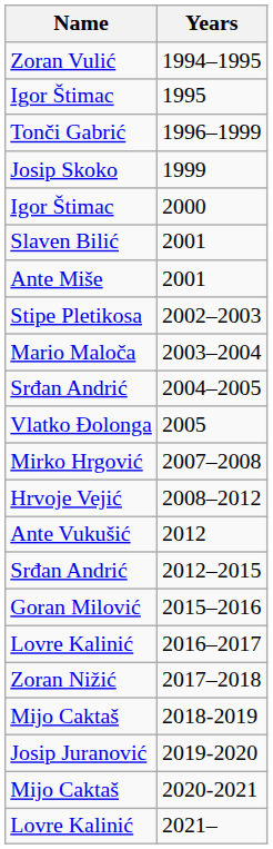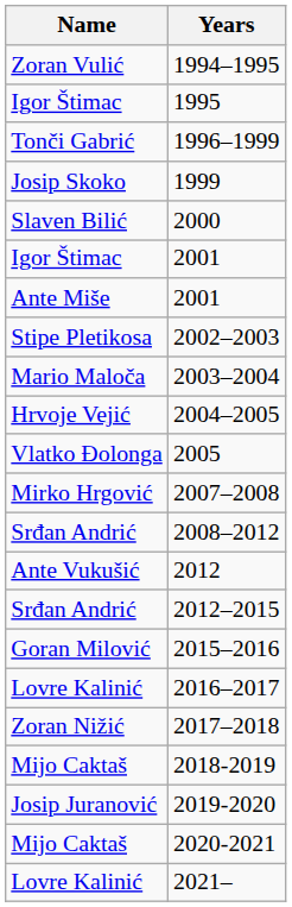 <table class="wikitable" style="font-size: 90%; text-align: left;">
 <tr>
 <th>Name</th>
 <th>Years</th>
 </tr>
 <tr>
 <td> <a href='#'>Zoran Vulić</a></td>
 <td>1994–1995</td>
 </tr>
 <tr>
 <td> <a href='#'>Igor Štimac</a></td>
 <td>1995</td>
 </tr>
 <tr>
 <td> <a href='#'>Tonči Gabrić</a></td>
 <td>1996–1999</td>
 </tr>
 <tr>
 <td> <a href='#'>Josip Skoko</a></td>
 <td>1999</td>
 </tr>
 <tr>
-<td> <a href='#'>Igor Štimac</a></td>
+<td> <a href='#'>Slaven Bilić</a></td>
 <td>2000</td>
 </tr>
 <tr>
-<td> <a href='#'>Slaven Bilić</a></td>
+<td> <a href='#'>Igor Štimac</a></td>
 <td>2001</td>
 </tr>
 <tr>
 <td> <a href='#'>Ante Miše</a></td>
 <td>2001</td>
 </tr>
 <tr>
 <td> <a href='#'>Stipe Pletikosa</a></td>
 <td>2002–2003</td>
 </tr>
 <tr>
 <td> <a href='#'>Mario Maloča</a></td>
 <td>2003–2004</td>
 </tr>
 <tr>
-<td> <a href='#'>Srđan Andrić</a></td>
+<td> <a href='#'>Hrvoje Vejić</a></td>
 <td>2004–2005</td>
 </tr>
 <tr>
 <td> <a href='#'>Vlatko Đolonga</a></td>
 <td>2005</td>
 </tr>
 <tr>
 <td> <a href='#'>Mirko Hrgović</a></td>
 <td>2007–2008</td>
 </tr>
 <tr>
-<td> <a href='#'>Hrvoje Vejić</a></td>
+<td> <a href='#'>Srđan Andrić</a></td>
 <td>2008–2012</td>
 </tr>
 <tr>
 <td> <a href='#'>Ante Vukušić</a></td>
 <td>2012</td>
 </tr>
 <tr>
 <td> <a href='#'>Srđan Andrić</a></td>
 <td>2012–2015</td>
 </tr>
 <tr>
 <td> <a href='#'>Goran Milović</a></td>
 <td>2015–2016</td>
 </tr>
 <tr>
 <td> <a href='#'>Lovre Kalinić</a></td>
 <td>2016–2017</td>
 </tr>
 <tr>
 <td> <a href='#'>Zoran Nižić</a></td>
 <td>2017–2018</td>
 </tr>
 <tr>
 <td> <a href='#'>Mijo Caktaš</a></td>
 <td>2018-2019</td>
 </tr>
 <tr>
 <td> <a href='#'>Josip Juranović</a></td>
 <td>2019-2020</td>
 </tr>
 <tr>
 <td> <a href='#'>Mijo Caktaš</a></td>
 <td>2020-2021</td>
 </tr>
 <tr>
 <td> <a href='#'>Lovre Kalinić</a></td>
 <td>2021–</td>
 </tr>
 </table>
